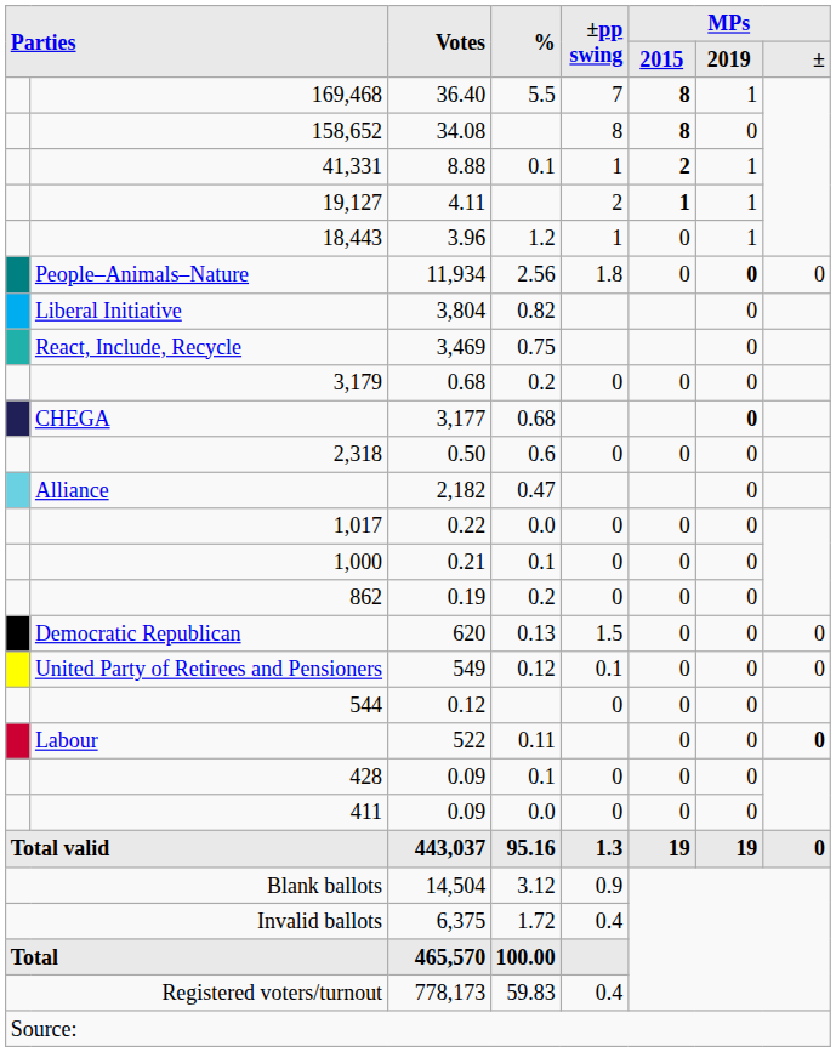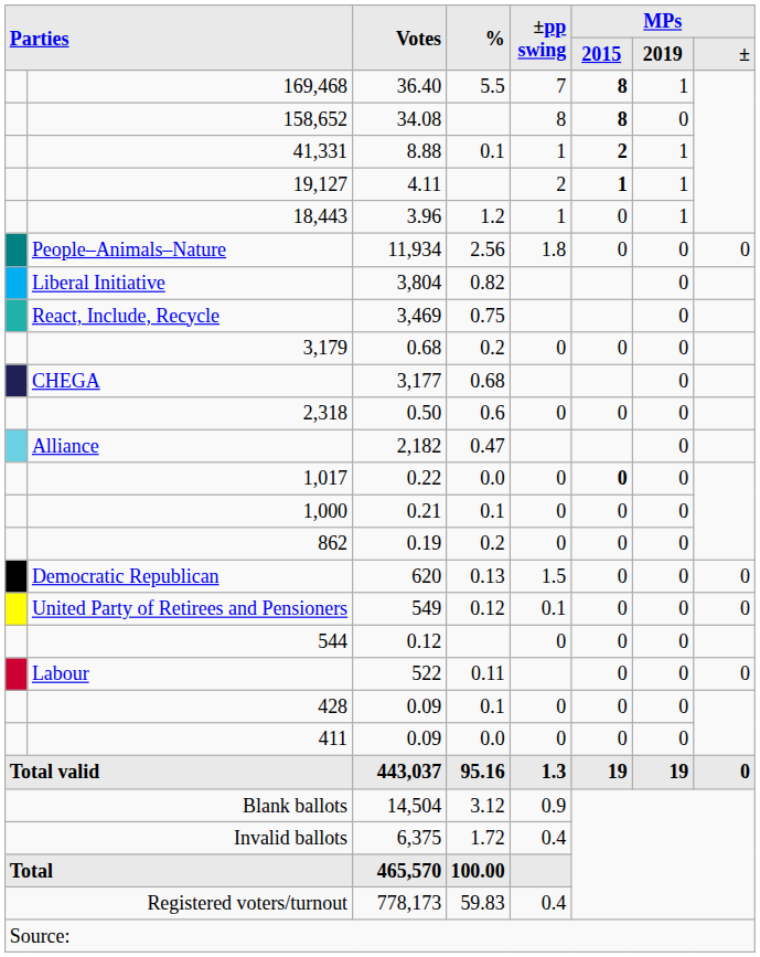 <table class="wikitable" style="text-align:right; font-size:95%;">
 <tr>
 <th rowspan="2" colspan="2" style="background:#e9e9e9; text-align:left;" alignleft><a href='#'>Parties</a></th>
 <th rowspan="2" style="background:#e9e9e9; text-align:right;">Votes</th>
 <th rowspan="2" style="background:#e9e9e9; text-align:right;">%</th>
 <th rowspan="2" style="background:#e9e9e9; text-align:right;">±<a href='#'>pp</a> <a href='#'>swing</a></th>
 <th colspan="3" style="background:#e9e9e9; text-align:center;"><a href='#'>MPs</a></th>
 </tr>
 <tr style="background-color:#E9E9E9">
 <th style="background-color:#E9E9E9;text-align:center;"><a href='#'>2015</a></th>
 <th style="background-color:#E9E9E9;text-align:center;">2019</th>
 <th style="background:#e9e9e9; text-align:right;">±</th>
 </tr>
 <tr>
 <td></td>
 <td>169,468</td>
 <td>36.40</td>
 <td>5.5</td>
 <td>7</td>
 <td><strong>8</strong></td>
 <td>1</td>
 </tr>
 <tr>
 <td></td>
 <td>158,652</td>
 <td>34.08</td>
 <td></td>
 <td>8</td>
 <td><strong>8</strong></td>
 <td>0</td>
 </tr>
 <tr>
 <td></td>
 <td>41,331</td>
 <td>8.88</td>
 <td>0.1</td>
 <td>1</td>
 <td><strong>2</strong></td>
 <td>1</td>
 </tr>
 <tr>
 <td></td>
 <td>19,127</td>
 <td>4.11</td>
 <td></td>
 <td>2</td>
 <td><strong>1</strong></td>
 <td>1</td>
 </tr>
 <tr>
 <td></td>
 <td>18,443</td>
 <td>3.96</td>
 <td>1.2</td>
 <td>1</td>
 <td>0</td>
 <td>1</td>
 </tr>
 <tr>
 <td style="width: 10px" bgcolor="teal" align="center"></td>
 <td align="left"><a href='#'>People–Animals–Nature</a></td>
 <td>11,934</td>
 <td>2.56</td>
 <td>1.8</td>
 <td>0</td>
-<td><strong>0</strong></td>
+<td>0</td>
 <td>0</td>
 </tr>
 <tr>
 <td style="width: 10px" bgcolor="#00ADEF" align="center"></td>
 <td align="left"><a href='#'>Liberal Initiative</a></td>
 <td>3,804</td>
 <td>0.82</td>
 <td></td>
 <td></td>
 <td>0</td>
 <td></td>
 </tr>
 <tr>
 <td style="width: 10px" bgcolor=LightSeaGreen align="center"></td>
 <td align=left><a href='#'>React, Include, Recycle</a></td>
 <td>3,469</td>
 <td>0.75</td>
 <td></td>
 <td></td>
 <td>0</td>
 <td></td>
 </tr>
 <tr>
 <td></td>
 <td>3,179</td>
 <td>0.68</td>
 <td>0.2</td>
 <td>0</td>
 <td>0</td>
 <td>0</td>
 </tr>
 <tr>
 <td style="width: 10px" bgcolor="#202056" align="center"></td>
 <td align="left"><a href='#'>CHEGA</a></td>
 <td>3,177</td>
 <td>0.68</td>
 <td></td>
 <td></td>
-<td><strong>0</strong></td>
+<td>0</td>
 <td></td>
 </tr>
 <tr>
 <td></td>
 <td>2,318</td>
 <td>0.50</td>
 <td>0.6</td>
 <td>0</td>
 <td>0</td>
 <td>0</td>
 </tr>
 <tr>
 <td style="width: 10px" bgcolor="#6AD1E3" align="center"></td>
 <td align="left"><a href='#'>Alliance</a></td>
 <td>2,182</td>
 <td>0.47</td>
 <td></td>
 <td></td>
 <td>0</td>
 <td></td>
 </tr>
 <tr>
 <td></td>
 <td>1,017</td>
 <td>0.22</td>
 <td>0.0</td>
 <td>0</td>
-<td>0</td>
+<td><strong>0</strong></td>
 <td>0</td>
 </tr>
 <tr>
 <td></td>
 <td>1,000</td>
 <td>0.21</td>
 <td>0.1</td>
 <td>0</td>
 <td>0</td>
 <td>0</td>
 </tr>
 <tr>
 <td></td>
 <td>862</td>
 <td>0.19</td>
 <td>0.2</td>
 <td>0</td>
 <td>0</td>
 <td>0</td>
 </tr>
 <tr>
 <td style="width: 10px" bgcolor=black align="center"></td>
 <td align=left><a href='#'>Democratic Republican</a></td>
 <td>620</td>
 <td>0.13</td>
 <td>1.5</td>
 <td>0</td>
 <td>0</td>
 <td>0</td>
 </tr>
 <tr>
 <td style="width: 10px" bgcolor=yellow align="center"></td>
 <td align=left><a href='#'>United Party of Retirees and Pensioners</a></td>
 <td>549</td>
 <td>0.12</td>
 <td>0.1</td>
 <td>0</td>
 <td>0</td>
 <td>0</td>
 </tr>
 <tr>
 <td></td>
 <td>544</td>
 <td>0.12</td>
 <td></td>
 <td>0</td>
 <td>0</td>
 <td>0</td>
 </tr>
 <tr>
 <td style="width: 10px" bgcolor=#CC0033 align="center"></td>
 <td align=left><a href='#'>Labour</a></td>
 <td>522</td>
 <td>0.11</td>
 <td></td>
 <td>0</td>
 <td>0</td>
-<td><strong>0</strong></td>
+<td>0</td>
 </tr>
 <tr>
 <td></td>
 <td>428</td>
 <td>0.09</td>
 <td>0.1</td>
 <td>0</td>
 <td>0</td>
 <td>0</td>
 </tr>
 <tr>
 <td></td>
 <td>411</td>
 <td>0.09</td>
 <td>0.0</td>
 <td>0</td>
 <td>0</td>
 <td>0</td>
 </tr>
 <tr>
 <td colspan=2 align=left style="background-color:#E9E9E9"><strong>Total valid</strong></td>
 <td width="65" align="right" style="background-color:#E9E9E9"><strong>443,037</strong></td>
 <td width="40" align="right" style="background-color:#E9E9E9"><strong>95.16</strong></td>
 <td width="40" align="right" style="background-color:#E9E9E9"><strong>1.3</strong></td>
 <td width="40" align="right" style="background-color:#E9E9E9"><strong>19</strong></td>
 <td width="40" align="right" style="background-color:#E9E9E9"><strong>19</strong></td>
 <td width="40" align="right" style="background-color:#E9E9E9"><strong>0</strong></td>
 </tr>
 <tr>
 <td colspan=2>Blank ballots</td>
 <td>14,504</td>
 <td>3.12</td>
 <td>0.9</td>
 <td colspan=4 rowspan=4></td>
 </tr>
 <tr>
 <td colspan=2>Invalid ballots</td>
 <td>6,375</td>
 <td>1.72</td>
 <td>0.4</td>
 </tr>
 <tr>
 <td colspan=2 width="259" align=left style="background-color:#E9E9E9"><strong>Total</strong></td>
 <td width="50" align="right" style="background-color:#E9E9E9"><strong>465,570</strong></td>
 <td width="40" align="right" style="background-color:#E9E9E9"><strong>100.00</strong></td>
 <td width="40" align="right" style="background-color:#E9E9E9"></td>
 </tr>
 <tr>
 <td colspan=2>Registered voters/turnout</td>
 <td>778,173</td>
 <td>59.83</td>
 <td>0.4</td>
 </tr>
 <tr>
 <td colspan=11 align=left>Source: </td>
 </tr>
 </table>
